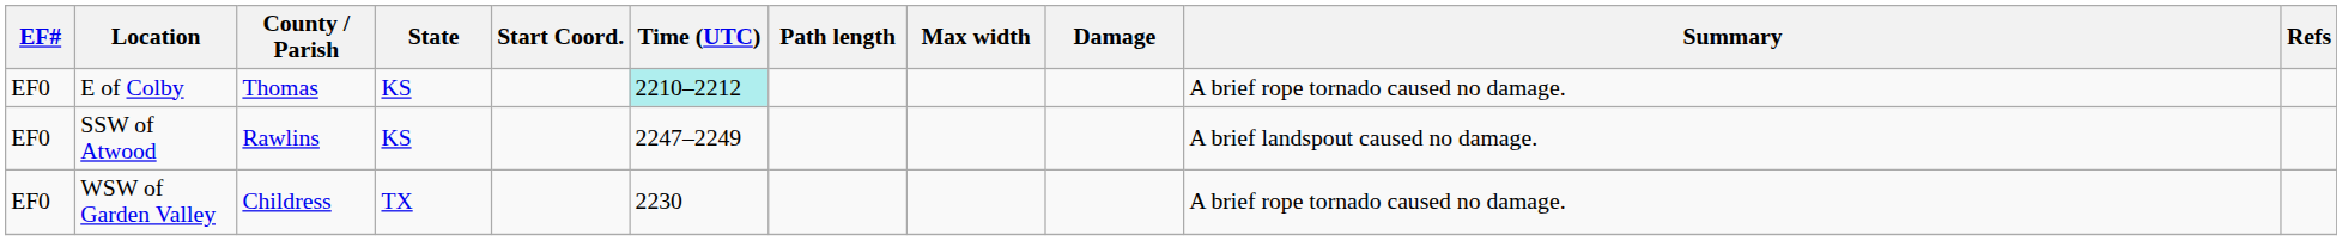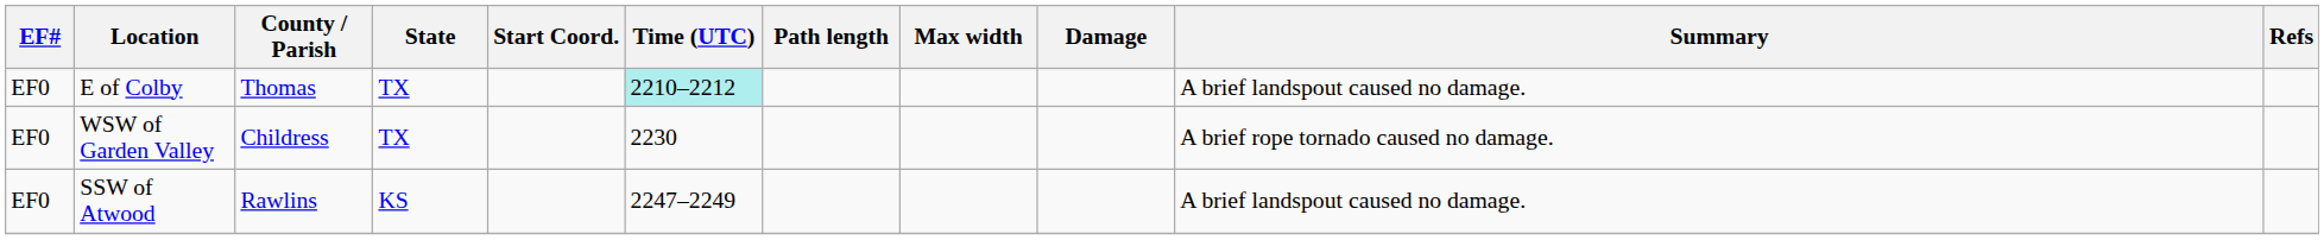 <table class="wikitable sortable" style="width:100%;">
 <tr>
 <th scope="col" width="3%" align="center"><a href='#'>EF#</a></th>
 <th scope="col" width="7%" align="center" class="unsortable">Location</th>
 <th scope="col" width="6%" align="center" class="unsortable">County / Parish</th>
 <th scope="col" width="5%" align="center">State</th>
 <th scope="col" width="6%" align="center">Start Coord.</th>
 <th scope="col" width="6%" align="center">Time (<a href='#'>UTC</a>)</th>
 <th scope="col" width="6%" align="center">Path length</th>
 <th scope="col" width="6%" align="center">Max width</th>
 <th scope="col" width="6%" align="center">Damage</th>
 <th scope="col" width="48%" class="unsortable" align="center">Summary</th>
 <th scope="col" width="48%" class="unsortable" align="center">Refs</th>
 </tr>
 <tr>
 <td>EF0</td>
 <td>E of <a href='#'>Colby</a></td>
 <td><a href='#'>Thomas</a></td>
-<td><a href='#'>KS</a></td>
+<td><a href='#'>TX</a></td>
 <td></td>
 <td style="background: paleturquoise;">2210–2212</td>
+<td></td>
+<td></td>
+<td></td>
+<td>A brief landspout caused no damage.</td>
+<td></td>
+</tr>
+<tr>
+<td>EF0</td>
+<td>WSW of <a href='#'>Garden Valley</a></td>
+<td><a href='#'>Childress</a></td>
+<td><a href='#'>TX</a></td>
+<td></td>
+<td>2230</td>
 <td></td>
 <td></td>
 <td></td>
 <td>A brief rope tornado caused no damage.</td>
 <td></td>
 </tr>
 <tr>
 <td>EF0</td>
 <td>SSW of <a href='#'>Atwood</a></td>
 <td><a href='#'>Rawlins</a></td>
 <td><a href='#'>KS</a></td>
 <td></td>
 <td>2247–2249</td>
 <td></td>
 <td></td>
 <td></td>
 <td>A brief landspout caused no damage.</td>
 <td></td>
 </tr>
 <tr>
-<td>EF0</td>
-<td>WSW of <a href='#'>Garden Valley</a></td>
-<td><a href='#'>Childress</a></td>
-<td><a href='#'>TX</a></td>
-<td></td>
-<td>2230</td>
-<td></td>
-<td></td>
-<td></td>
-<td>A brief rope tornado caused no damage.</td>
-<td></td>
-</tr>
-<tr>
 </tr>
 </table>
